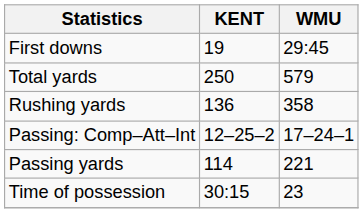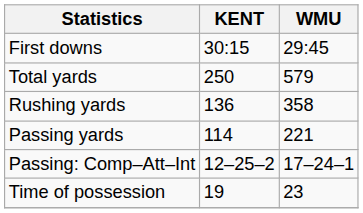 <table class="wikitable" style="float:left">
 <tr>
 <th>Statistics</th>
 <th>KENT</th>
 <th>WMU</th>
 </tr>
 <tr>
 <td>First downs</td>
-<td>19</td>
+<td>30:15</td>
 <td>29:45</td>
 </tr>
 <tr>
 <td>Total yards</td>
 <td>250</td>
 <td>579</td>
 </tr>
 <tr>
 <td>Rushing yards</td>
 <td>136</td>
 <td>358</td>
 </tr>
 <tr>
+<td>Passing yards</td>
+<td>114</td>
+<td>221</td>
+</tr>
+<tr>
 <td>Passing: Comp–Att–Int</td>
 <td>12–25–2</td>
 <td>17–24–1</td>
 </tr>
 <tr>
-<td>Passing yards</td>
-<td>114</td>
-<td>221</td>
-</tr>
-<tr>
 <td>Time of possession</td>
-<td>30:15</td>
+<td>19</td>
 <td>23</td>
 </tr>
 <tr>
 </tr>
 </table>
